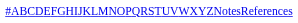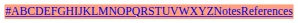 <table id="toc" class="toc" summary="Class">
 <tr>
 <th></th>
 </tr>
 <tr>
-<td style="text-align:center;"><a href='#'>#</a><a href='#'>A</a><a href='#'>B</a><a href='#'>C</a><a href='#'>D</a><a href='#'>E</a><a href='#'>F</a><a href='#'>G</a><a href='#'>H</a><a href='#'>I</a><a href='#'>J</a><a href='#'>K</a><a href='#'>L</a><a href='#'>M</a><a href='#'>N</a><a href='#'>O</a><a href='#'>P</a><a href='#'>Q</a><a href='#'>R</a><a href='#'>S</a><a href='#'>T</a><a href='#'>U</a><a href='#'>V</a><a href='#'>W</a><a href='#'>X</a><a href='#'>Y</a><a href='#'>Z</a><a href='#'>Notes</a><a href='#'>References</a></td>
+<td style="background: lightsalmon; text-align:center;"><a href='#'>#</a><a href='#'>A</a><a href='#'>B</a><a href='#'>C</a><a href='#'>D</a><a href='#'>E</a><a href='#'>F</a><a href='#'>G</a><a href='#'>H</a><a href='#'>I</a><a href='#'>J</a><a href='#'>K</a><a href='#'>L</a><a href='#'>M</a><a href='#'>N</a><a href='#'>O</a><a href='#'>P</a><a href='#'>Q</a><a href='#'>R</a><a href='#'>S</a><a href='#'>T</a><a href='#'>U</a><a href='#'>V</a><a href='#'>W</a><a href='#'>X</a><a href='#'>Y</a><a href='#'>Z</a><a href='#'>Notes</a><a href='#'>References</a></td>
 </tr>
 </table>
